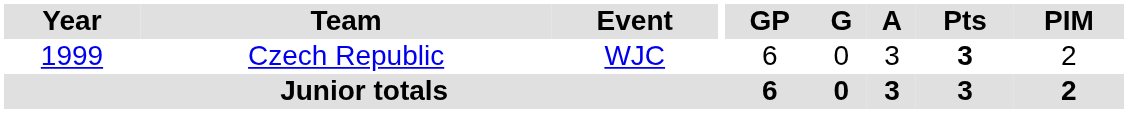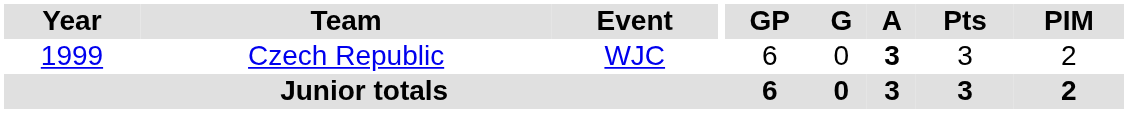 <table border="0" cellpadding="1" cellspacing="0" ID="Table3" style="text-align:center; width:40em">
 <tr bgcolor="#e0e0e0">
 <th>Year</th>
 <th>Team</th>
 <th>Event</th>
 <th rowspan="102" bgcolor="#ffffff"></th>
 <th>GP</th>
 <th>G</th>
 <th>A</th>
 <th>Pts</th>
 <th>PIM</th>
 </tr>
 <tr>
 <td><a href='#'>1999</a></td>
 <td><a href='#'>Czech Republic</a></td>
 <td><a href='#'>WJC</a></td>
 <td>6</td>
 <td>0</td>
+<td><strong>3</strong></td>
 <td>3</td>
-<td><strong>3</strong></td>
 <td>2</td>
 </tr>
 <tr bgcolor="#e0e0e0">
 <th colspan="4">Junior totals</th>
 <th>6</th>
 <th>0</th>
 <th>3</th>
 <th>3</th>
 <th>2</th>
 </tr>
 </table>
